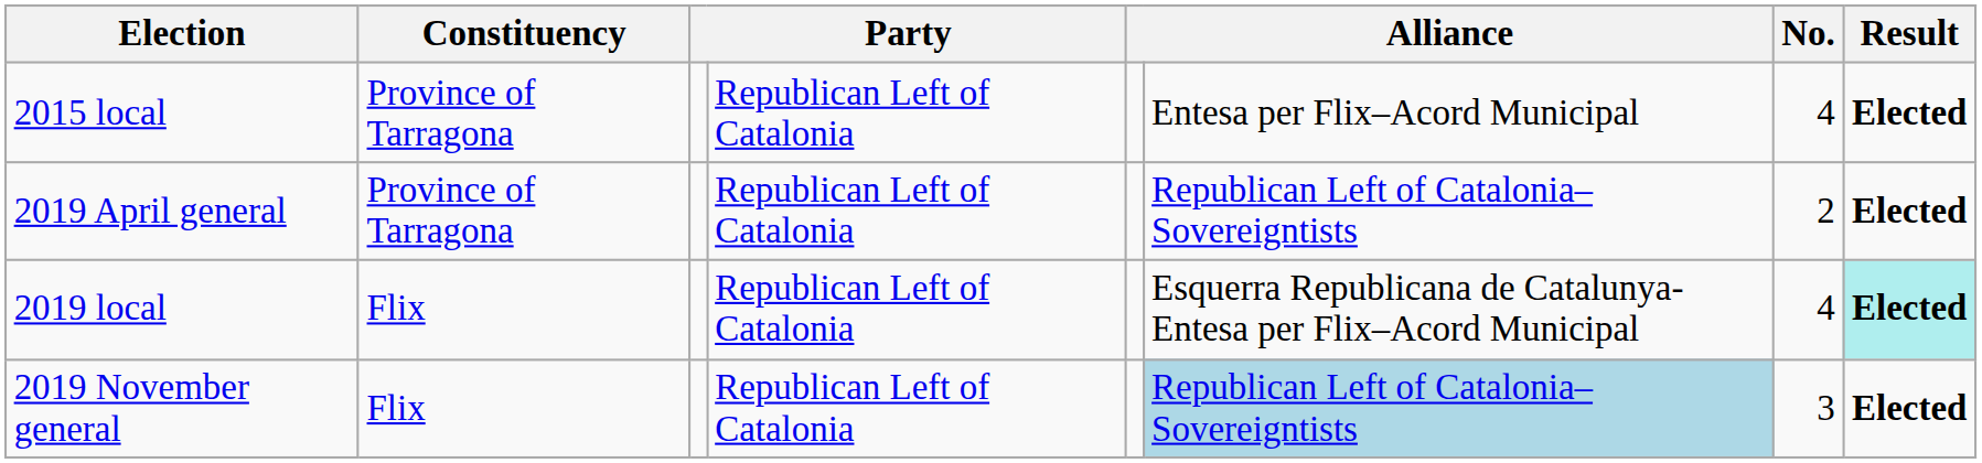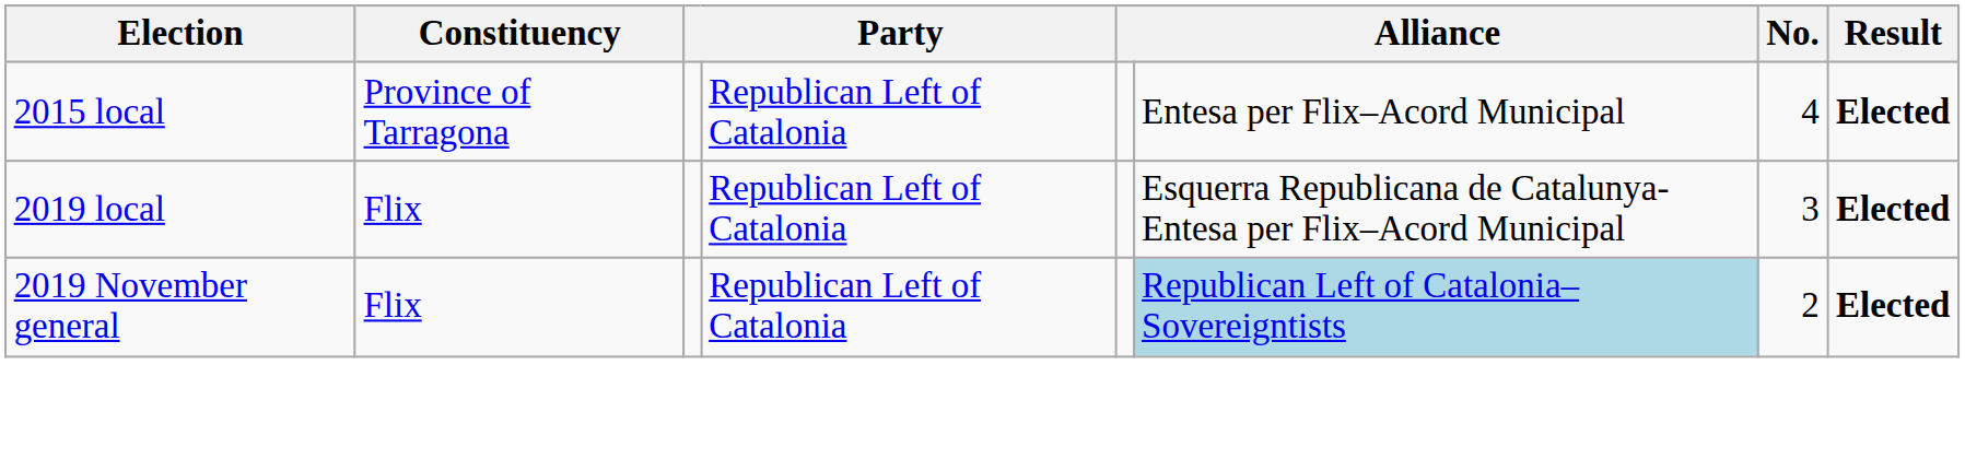 <table class="wikitable" style="text-align:left;">
 <tr>
 <th scope=col>Election</th>
 <th scope=col>Constituency</th>
 <th scope=col colspan="2">Party</th>
 <th scope=col colspan="2">Alliance</th>
 <th scope=col>No.</th>
 <th scope=col>Result</th>
 </tr>
 <tr>
 <td><a href='#'>2015 local</a></td>
 <td><a href='#'>Province of Tarragona</a></td>
 <td style="background:"></td>
 <td><a href='#'>Republican Left of Catalonia</a></td>
 <td></td>
 <td>Entesa per Flix–Acord Municipal</td>
 <td align=right>4</td>
 <td><strong>Elected</strong></td>
 </tr>
 <tr>
-<td><a href='#'>2019 April general</a></td>
-<td><a href='#'>Province of Tarragona</a></td>
-<td style="background:"></td>
-<td><a href='#'>Republican Left of Catalonia</a></td>
-<td style="background:"></td>
-<td><a href='#'>Republican Left of Catalonia–Sovereigntists</a></td>
-<td align=right>2</td>
-<td><strong>Elected</strong></td>
-</tr>
-<tr>
 <td><a href='#'>2019 local</a></td>
 <td><a href='#'>Flix</a></td>
 <td style="background:"></td>
 <td><a href='#'>Republican Left of Catalonia</a></td>
 <td></td>
 <td>Esquerra Republicana de Catalunya-<br>Entesa per Flix–Acord Municipal</td>
-<td align=right>4</td>
-<td style="background: paleturquoise;"><strong>Elected</strong></td>
+<td align=right>3</td>
+<td><strong>Elected</strong></td>
 </tr>
 <tr>
 <td><a href='#'>2019 November general</a></td>
 <td><a href='#'>Flix</a></td>
 <td style="background:"></td>
 <td><a href='#'>Republican Left of Catalonia</a></td>
 <td style="background:"></td>
 <td style="background: lightblue;"><a href='#'>Republican Left of Catalonia–Sovereigntists</a></td>
-<td align=right>3</td>
+<td align=right>2</td>
 <td><strong>Elected</strong></td>
 </tr>
 </table>
